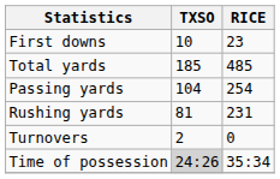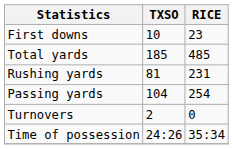 <table class="wikitable" style="float: left;">
 <tr>
 <th>Statistics</th>
 <th>TXSO</th>
 <th>RICE</th>
 </tr>
 <tr>
 <td>First downs</td>
 <td>10</td>
 <td>23</td>
 </tr>
 <tr>
 <td>Total yards</td>
 <td>185</td>
 <td>485</td>
 </tr>
 <tr>
+<td>Rushing yards</td>
+<td>81</td>
+<td>231</td>
+</tr>
+<tr>
 <td>Passing yards</td>
 <td>104</td>
 <td>254</td>
-</tr>
-<tr>
-<td>Rushing yards</td>
-<td>81</td>
-<td>231</td>
 </tr>
 <tr>
 <td>Turnovers</td>
 <td>2</td>
 <td>0</td>
 </tr>
 <tr>
 <td>Time of possession</td>
-<td style="background: lightgrey;">24:26</td>
+<td>24:26</td>
 <td>35:34</td>
 </tr>
 <tr>
 </tr>
 </table>
